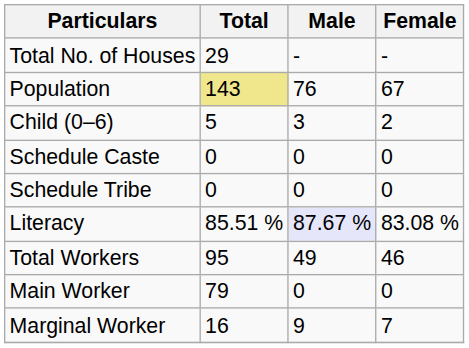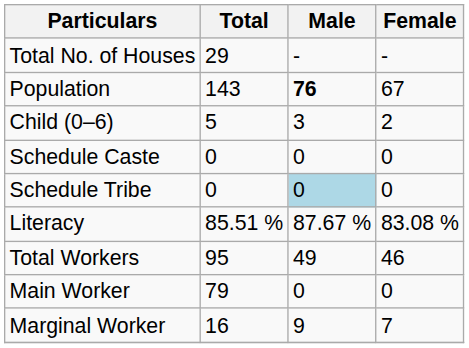 <table class="wikitable sortable">
 <tr>
 <th>Particulars</th>
 <th>Total</th>
 <th>Male</th>
 <th>Female</th>
 </tr>
 <tr>
 <td>Total No. of Houses</td>
 <td>29</td>
 <td>-</td>
 <td>-</td>
 </tr>
 <tr>
 <td>Population</td>
-<td style="background: khaki;">143</td>
-<td>76</td>
+<td>143</td>
+<td><strong>76</strong></td>
 <td>67</td>
 </tr>
 <tr>
 <td>Child (0–6)</td>
 <td>5</td>
 <td>3</td>
 <td>2</td>
 </tr>
 <tr>
 <td>Schedule Caste</td>
 <td>0</td>
 <td>0</td>
 <td>0</td>
 </tr>
 <tr>
 <td>Schedule Tribe</td>
 <td>0</td>
-<td>0</td>
+<td style="background: lightblue;">0</td>
 <td>0</td>
 </tr>
 <tr>
 <td>Literacy</td>
 <td>85.51 %</td>
-<td style="background: lavender;">87.67 %</td>
+<td>87.67 %</td>
 <td>83.08 %</td>
 </tr>
 <tr>
 <td>Total Workers</td>
 <td>95</td>
 <td>49</td>
 <td>46</td>
 </tr>
 <tr>
 <td>Main Worker</td>
 <td>79</td>
 <td>0</td>
 <td>0</td>
 </tr>
 <tr>
 <td>Marginal Worker</td>
 <td>16</td>
 <td>9</td>
 <td>7</td>
 </tr>
 <tr>
 </tr>
 </table>
